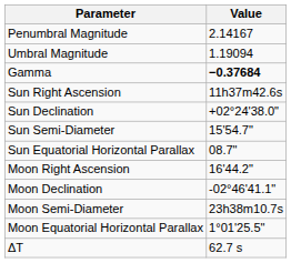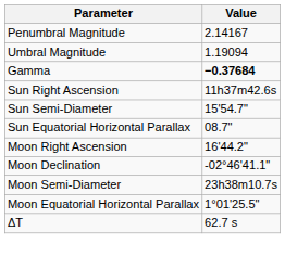 <table class="wikitable">
 <tr>
 <th>Parameter</th>
 <th>Value</th>
 </tr>
 <tr>
 <td>Penumbral Magnitude</td>
 <td>2.14167</td>
 </tr>
 <tr>
 <td>Umbral Magnitude</td>
 <td>1.19094</td>
 </tr>
 <tr>
 <td>Gamma</td>
 <td><strong>−0.37684</strong></td>
 </tr>
 <tr>
 <td>Sun Right Ascension</td>
 <td>11h37m42.6s</td>
-</tr>
-<tr>
-<td>Sun Declination</td>
-<td>+02°24'38.0"</td>
 </tr>
 <tr>
 <td>Sun Semi-Diameter</td>
 <td>15'54.7"</td>
 </tr>
 <tr>
 <td>Sun Equatorial Horizontal Parallax</td>
 <td>08.7"</td>
 </tr>
 <tr>
 <td>Moon Right Ascension</td>
 <td>16'44.2"</td>
 </tr>
 <tr>
 <td>Moon Declination</td>
 <td>-02°46'41.1"</td>
 </tr>
 <tr>
 <td>Moon Semi-Diameter</td>
 <td>23h38m10.7s</td>
 </tr>
 <tr>
 <td>Moon Equatorial Horizontal Parallax</td>
 <td>1°01'25.5"</td>
 </tr>
 <tr>
 <td>ΔT</td>
 <td>62.7 s</td>
 </tr>
 </table>
